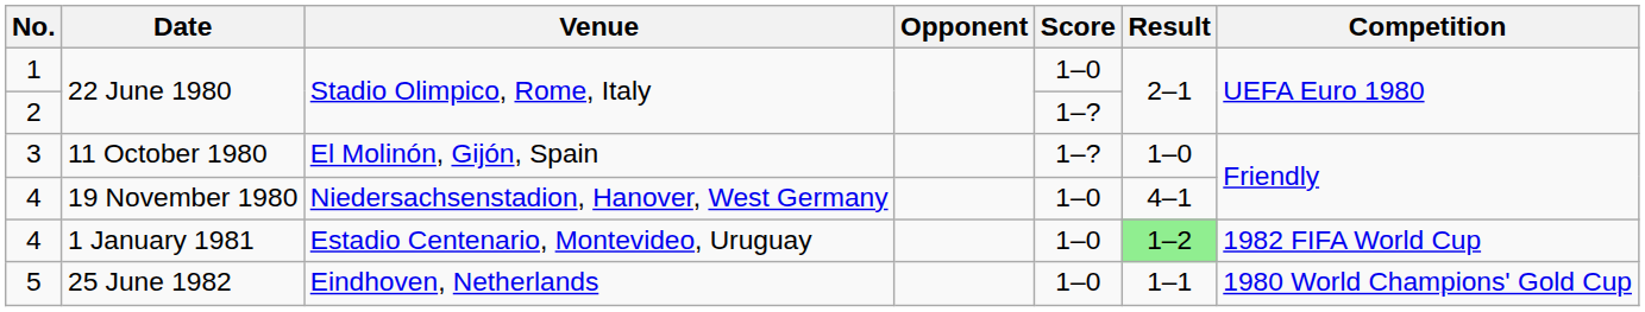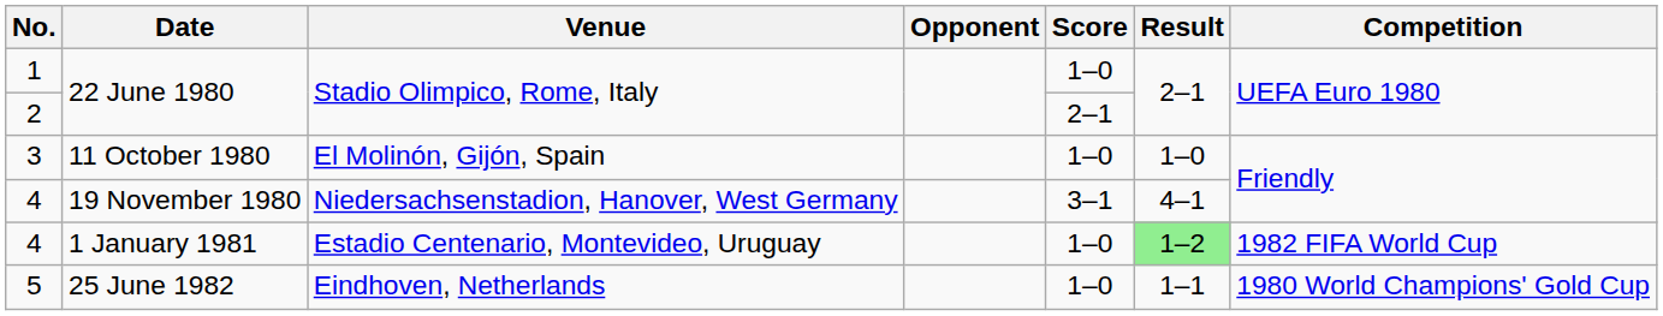 <table class="wikitable sortable">
 <tr>
 <th scope="col">No.</th>
 <th scope="col">Date</th>
 <th scope="col">Venue</th>
 <th scope="col">Opponent</th>
 <th scope="col">Score</th>
 <th scope="col">Result</th>
 <th scope="col">Competition</th>
 </tr>
 <tr>
 <td style="text-align:center">1</td>
 <td rowspan="2">22 June 1980</td>
 <td rowspan="2"><a href='#'>Stadio Olimpico</a>, <a href='#'>Rome</a>, Italy</td>
 <td rowspan="2"></td>
 <td style="text-align:center">1–0</td>
 <td rowspan="2" style="text-align:center">2–1</td>
 <td rowspan="2"><a href='#'>UEFA Euro 1980</a></td>
 </tr>
 <tr>
 <td style="text-align:center">2</td>
-<td style="text-align:center">1–?</td>
+<td style="text-align:center">2–1</td>
 </tr>
 <tr>
 <td style="text-align:center">3</td>
 <td>11 October 1980</td>
 <td><a href='#'>El Molinón</a>, <a href='#'>Gijón</a>, Spain</td>
 <td></td>
-<td style="text-align:center">1–?</td>
+<td style="text-align:center">1–0</td>
 <td style="text-align:center">1–0</td>
 <td rowspan=2><a href='#'>Friendly</a></td>
 </tr>
 <tr>
 <td style="text-align:center">4</td>
 <td>19 November 1980</td>
 <td><a href='#'>Niedersachsenstadion</a>, <a href='#'>Hanover</a>, <a href='#'>West Germany</a></td>
 <td></td>
-<td style="text-align:center">1–0</td>
+<td style="text-align:center">3–1</td>
 <td style="text-align:center">4–1</td>
 </tr>
 <tr>
 <td style="text-align:center">4</td>
 <td>1 January 1981</td>
 <td><a href='#'>Estadio Centenario</a>, <a href='#'>Montevideo</a>, Uruguay</td>
 <td></td>
 <td style="text-align:center">1–0</td>
 <td style="background: lightgreen; text-align:center">1–2</td>
 <td><a href='#'>1982 FIFA World Cup</a></td>
 </tr>
 <tr>
 <td style="text-align:center">5</td>
 <td>25 June 1982</td>
 <td><a href='#'>Eindhoven</a>, <a href='#'>Netherlands</a></td>
 <td></td>
 <td style="text-align:center">1–0</td>
 <td style="text-align:center">1–1</td>
 <td><a href='#'>1980 World Champions' Gold Cup</a></td>
 </tr>
 </table>
